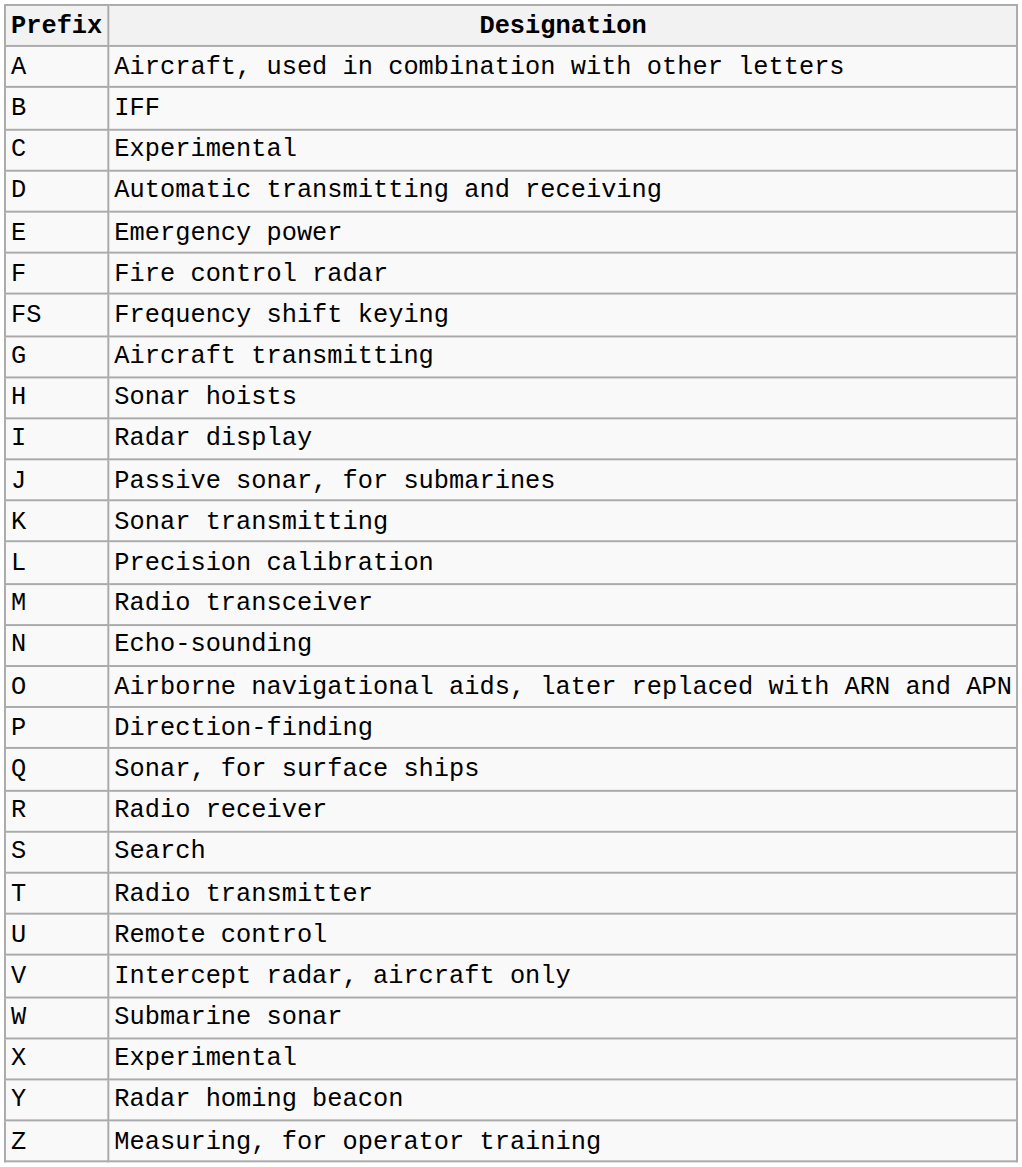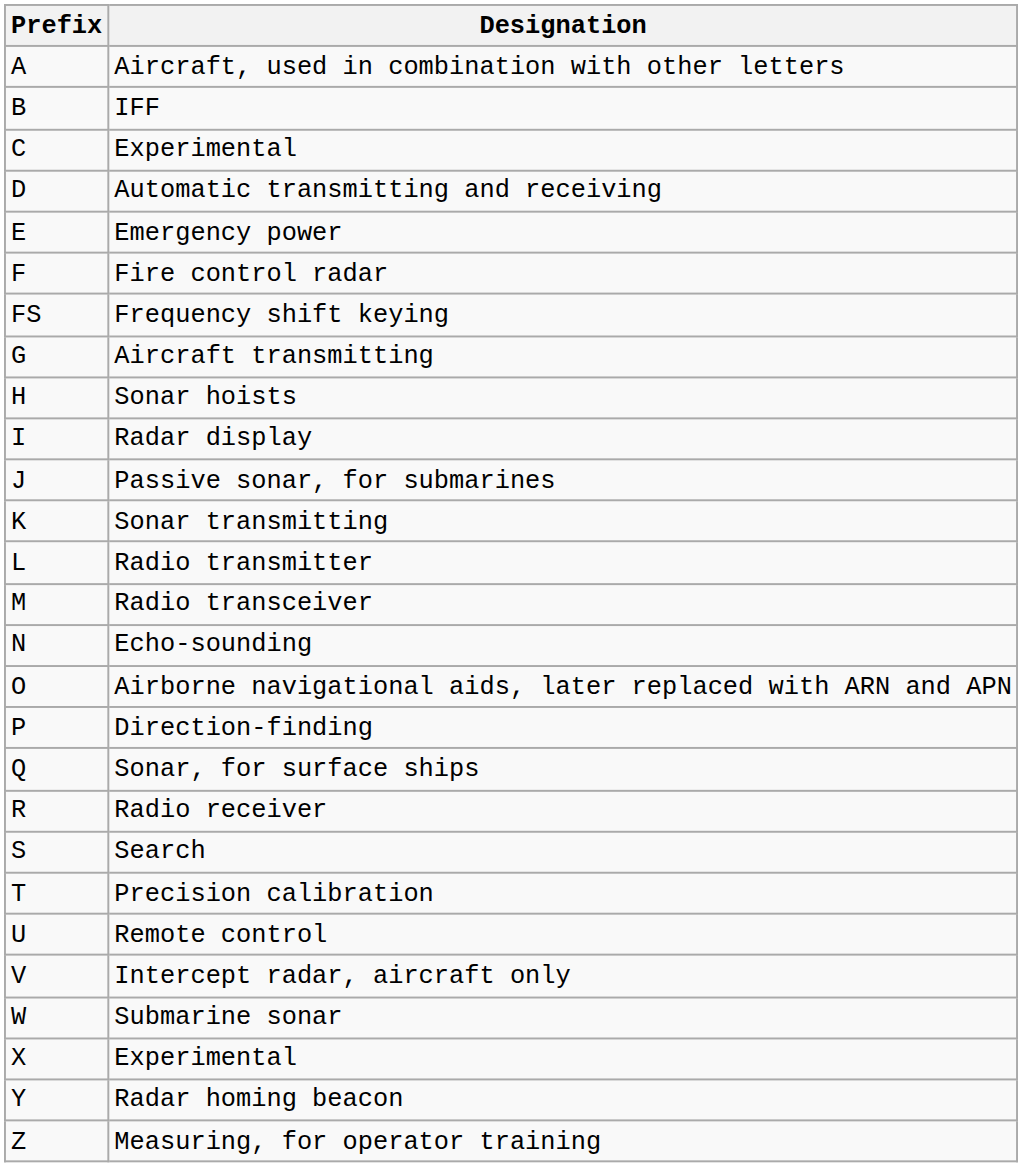 <table class="wikitable">
 <tr>
 <th>Prefix</th>
 <th>Designation</th>
 </tr>
 <tr>
 <td>A</td>
 <td>Aircraft, used in combination with other letters</td>
 </tr>
 <tr>
 <td>B</td>
 <td>IFF</td>
 </tr>
 <tr>
 <td>C</td>
 <td>Experimental</td>
 </tr>
 <tr>
 <td>D</td>
 <td>Automatic transmitting and receiving</td>
 </tr>
 <tr>
 <td>E</td>
 <td>Emergency power</td>
 </tr>
 <tr>
 <td>F</td>
 <td>Fire control radar</td>
 </tr>
 <tr>
 <td>FS</td>
 <td>Frequency shift keying</td>
 </tr>
 <tr>
 <td>G</td>
 <td>Aircraft transmitting</td>
 </tr>
 <tr>
 <td>H</td>
 <td>Sonar hoists</td>
 </tr>
 <tr>
 <td>I</td>
 <td>Radar display</td>
 </tr>
 <tr>
 <td>J</td>
 <td>Passive sonar, for submarines</td>
 </tr>
 <tr>
 <td>K</td>
 <td>Sonar transmitting</td>
 </tr>
 <tr>
 <td>L</td>
-<td>Precision calibration</td>
+<td>Radio transmitter</td>
 </tr>
 <tr>
 <td>M</td>
 <td>Radio transceiver</td>
 </tr>
 <tr>
 <td>N</td>
 <td>Echo-sounding</td>
 </tr>
 <tr>
 <td>O</td>
 <td>Airborne navigational aids, later replaced with ARN and APN</td>
 </tr>
 <tr>
 <td>P</td>
 <td>Direction-finding</td>
 </tr>
 <tr>
 <td>Q</td>
 <td>Sonar, for surface ships</td>
 </tr>
 <tr>
 <td>R</td>
 <td>Radio receiver</td>
 </tr>
 <tr>
 <td>S</td>
 <td>Search</td>
 </tr>
 <tr>
 <td>T</td>
-<td>Radio transmitter</td>
+<td>Precision calibration</td>
 </tr>
 <tr>
 <td>U</td>
 <td>Remote control</td>
 </tr>
 <tr>
 <td>V</td>
 <td>Intercept radar, aircraft only</td>
 </tr>
 <tr>
 <td>W</td>
 <td>Submarine sonar</td>
 </tr>
 <tr>
 <td>X</td>
 <td>Experimental</td>
 </tr>
 <tr>
 <td>Y</td>
 <td>Radar homing beacon</td>
 </tr>
 <tr>
 <td>Z</td>
 <td>Measuring, for operator training</td>
 </tr>
 </table>
